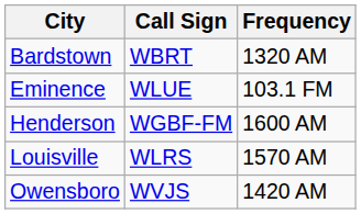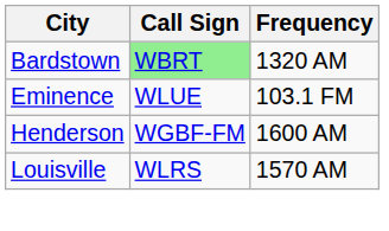 <table class="wikitable">
 <tr>
 <th scope="col">City</th>
 <th scope="col">Call Sign</th>
 <th scope="col">Frequency</th>
 </tr>
 <tr>
 <td><a href='#'>Bardstown</a></td>
-<td><a href='#'>WBRT</a></td>
+<td style="background: lightgreen;"><a href='#'>WBRT</a></td>
 <td>1320 AM</td>
 </tr>
 <tr>
 <td><a href='#'>Eminence</a></td>
 <td><a href='#'>WLUE</a></td>
 <td>103.1 FM</td>
 </tr>
 <tr>
 <td><a href='#'>Henderson</a></td>
 <td><a href='#'>WGBF-FM</a></td>
 <td>1600 AM</td>
 </tr>
 <tr>
 <td><a href='#'>Louisville</a></td>
 <td><a href='#'>WLRS</a></td>
 <td>1570 AM</td>
 </tr>
-<tr>
-<td><a href='#'>Owensboro</a></td>
-<td><a href='#'>WVJS</a></td>
-<td>1420 AM</td>
-</tr>
 </table>
